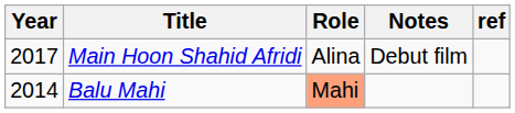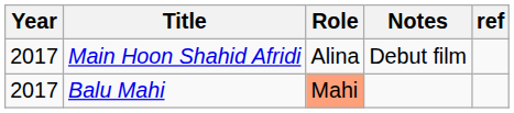 <table class="wikitable sortable">
 <tr style="text-aligin:center;">
 <th>Year</th>
 <th>Title</th>
 <th>Role</th>
 <th>Notes</th>
 <th>ref</th>
 </tr>
 <tr>
 <td>2017</td>
 <td><em><a href='#'>Main Hoon Shahid Afridi</a></em></td>
 <td>Alina</td>
 <td>Debut film</td>
 <td></td>
 </tr>
 <tr>
-<td>2014</td>
+<td>2017</td>
 <td><em><a href='#'>Balu Mahi</a></em></td>
 <td style="background: lightsalmon;">Mahi</td>
 <td></td>
 <td></td>
 </tr>
 </table>
